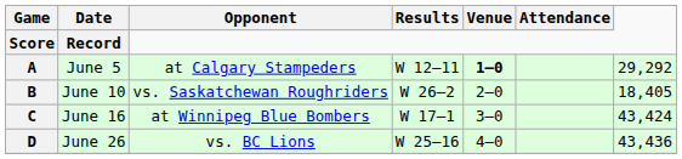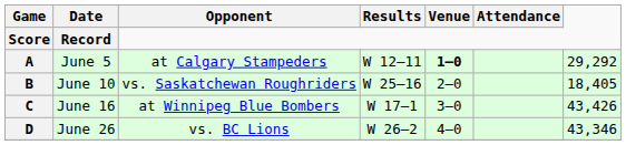 <table class="wikitable" style="text-align:center">
 <tr>
 <th>Game</th>
 <th>Date</th>
 <th>Opponent</th>
 <th>Results</th>
 <th>Venue</th>
 <th>Attendance</th>
 </tr>
 <tr>
 <th>Score</th>
 <th>Record</th>
 </tr>
 <tr style="background:#ddffdd">
 <th>A</th>
 <td>June 5</td>
 <td>at <a href='#'>Calgary Stampeders</a></td>
 <td>W 12–11</td>
 <td><strong>1–0</strong></td>
 <td></td>
 <td>29,292</td>
 </tr>
 <tr style="background:#ddffdd">
 <th>B</th>
 <td>June 10</td>
 <td>vs. <a href='#'>Saskatchewan Roughriders</a></td>
-<td>W 26–2</td>
+<td>W 25–16</td>
 <td>2–0</td>
 <td></td>
 <td>18,405</td>
 </tr>
 <tr style="background:#ddffdd">
 <th>C</th>
 <td>June 16</td>
 <td>at <a href='#'>Winnipeg Blue Bombers</a></td>
 <td>W 17–1</td>
 <td>3–0</td>
 <td></td>
-<td>43,424</td>
+<td>43,426</td>
 </tr>
 <tr style="background:#ddffdd">
 <th>D</th>
 <td>June 26</td>
 <td>vs. <a href='#'>BC Lions</a></td>
-<td>W 25–16</td>
+<td>W 26–2</td>
 <td>4–0</td>
 <td></td>
-<td>43,436</td>
+<td>43,346</td>
 </tr>
 <tr>
 </tr>
 </table>
